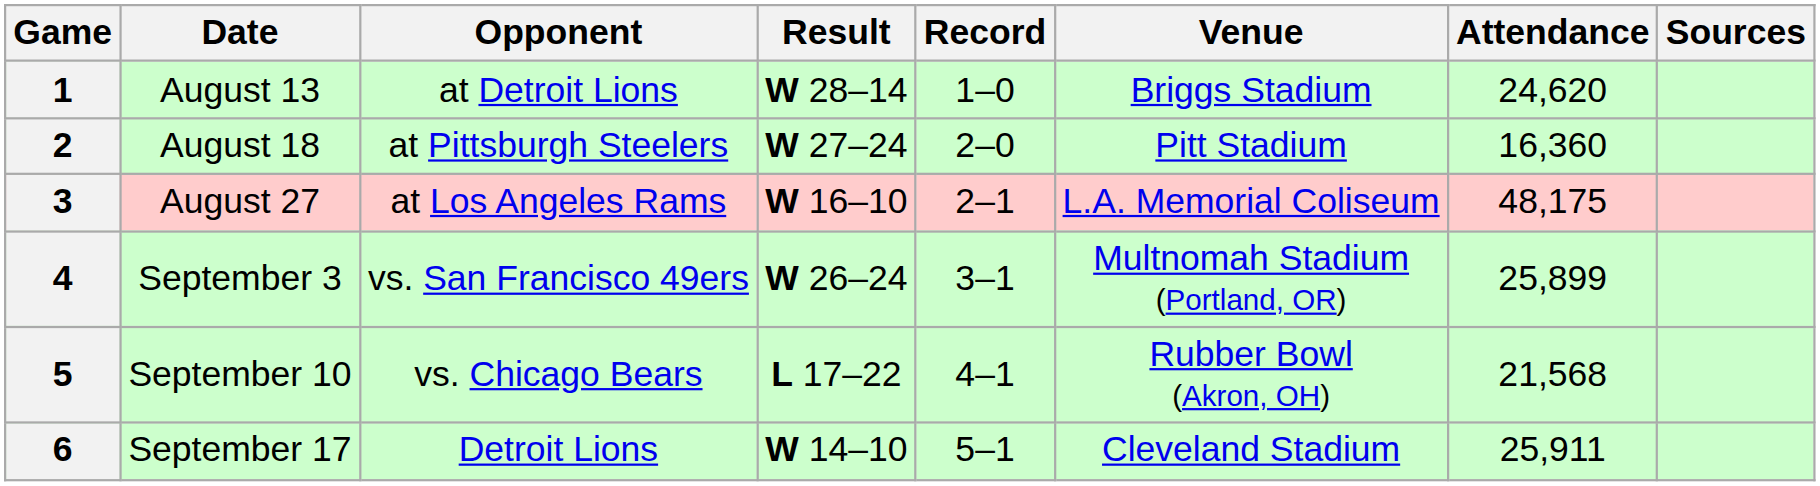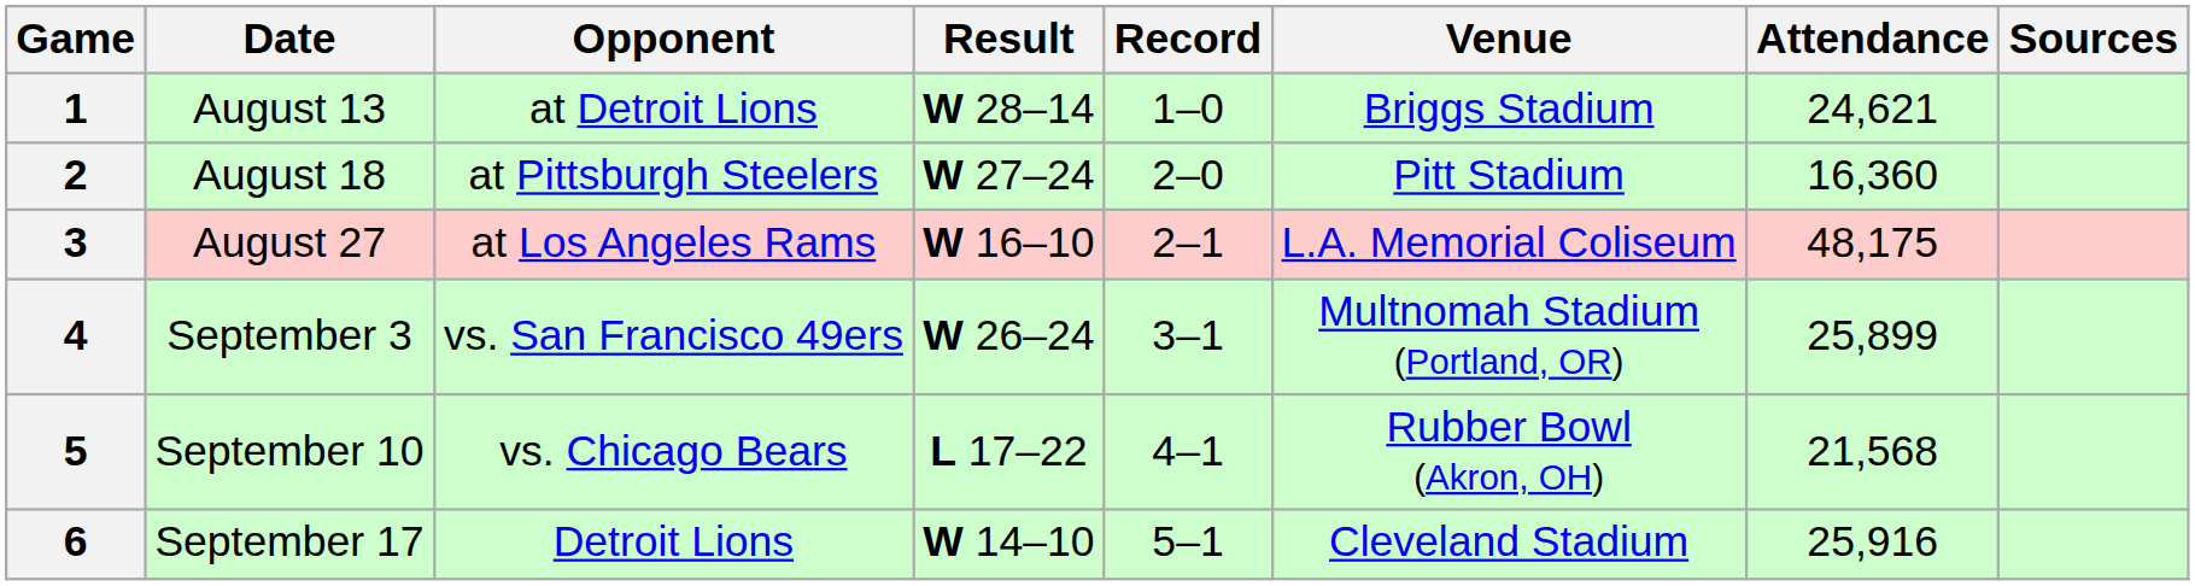 <table class="wikitable" style="text-align:center">
 <tr>
 <th>Game</th>
 <th>Date</th>
 <th>Opponent</th>
 <th>Result</th>
 <th>Record</th>
 <th>Venue</th>
 <th>Attendance</th>
 <th>Sources</th>
 </tr>
 <tr style="background:#cfc">
 <th>1</th>
 <td>August 13</td>
 <td>at <a href='#'>Detroit Lions</a></td>
 <td><strong>W</strong> 28–14</td>
 <td>1–0</td>
 <td><a href='#'>Briggs Stadium</a></td>
-<td>24,620</td>
+<td>24,621</td>
 <td></td>
 </tr>
 <tr style="background:#cfc">
 <th>2</th>
 <td>August 18</td>
 <td>at <a href='#'>Pittsburgh Steelers</a></td>
 <td><strong>W</strong> 27–24</td>
 <td>2–0</td>
 <td><a href='#'>Pitt Stadium</a></td>
 <td>16,360</td>
 <td></td>
 </tr>
 <tr style="background:#fcc">
 <th>3</th>
 <td>August 27</td>
 <td>at <a href='#'>Los Angeles Rams</a></td>
 <td><strong>W</strong> 16–10</td>
 <td>2–1</td>
 <td><a href='#'>L.A. Memorial Coliseum</a></td>
 <td>48,175</td>
 <td></td>
 </tr>
 <tr style="background:#cfc">
 <th>4</th>
 <td>September 3</td>
 <td>vs. <a href='#'>San Francisco 49ers</a></td>
 <td><strong>W</strong> 26–24</td>
 <td>3–1</td>
 <td><a href='#'>Multnomah Stadium</a> <br><small>(<a href='#'>Portland, OR</a>)</small></td>
 <td>25,899</td>
 <td></td>
 </tr>
 <tr style="background:#cfc">
 <th>5</th>
 <td>September 10</td>
 <td>vs. <a href='#'>Chicago Bears</a></td>
 <td><strong>L</strong> 17–22</td>
 <td>4–1</td>
 <td><a href='#'>Rubber Bowl</a> <br><small>(<a href='#'>Akron, OH</a>)</small></td>
 <td>21,568</td>
 <td></td>
 </tr>
 <tr style="background:#cfc">
 <th>6</th>
 <td>September 17</td>
 <td><a href='#'>Detroit Lions</a></td>
 <td><strong>W</strong> 14–10</td>
 <td>5–1</td>
 <td><a href='#'>Cleveland Stadium</a></td>
-<td>25,911</td>
+<td>25,916</td>
 <td></td>
 </tr>
 </table>
